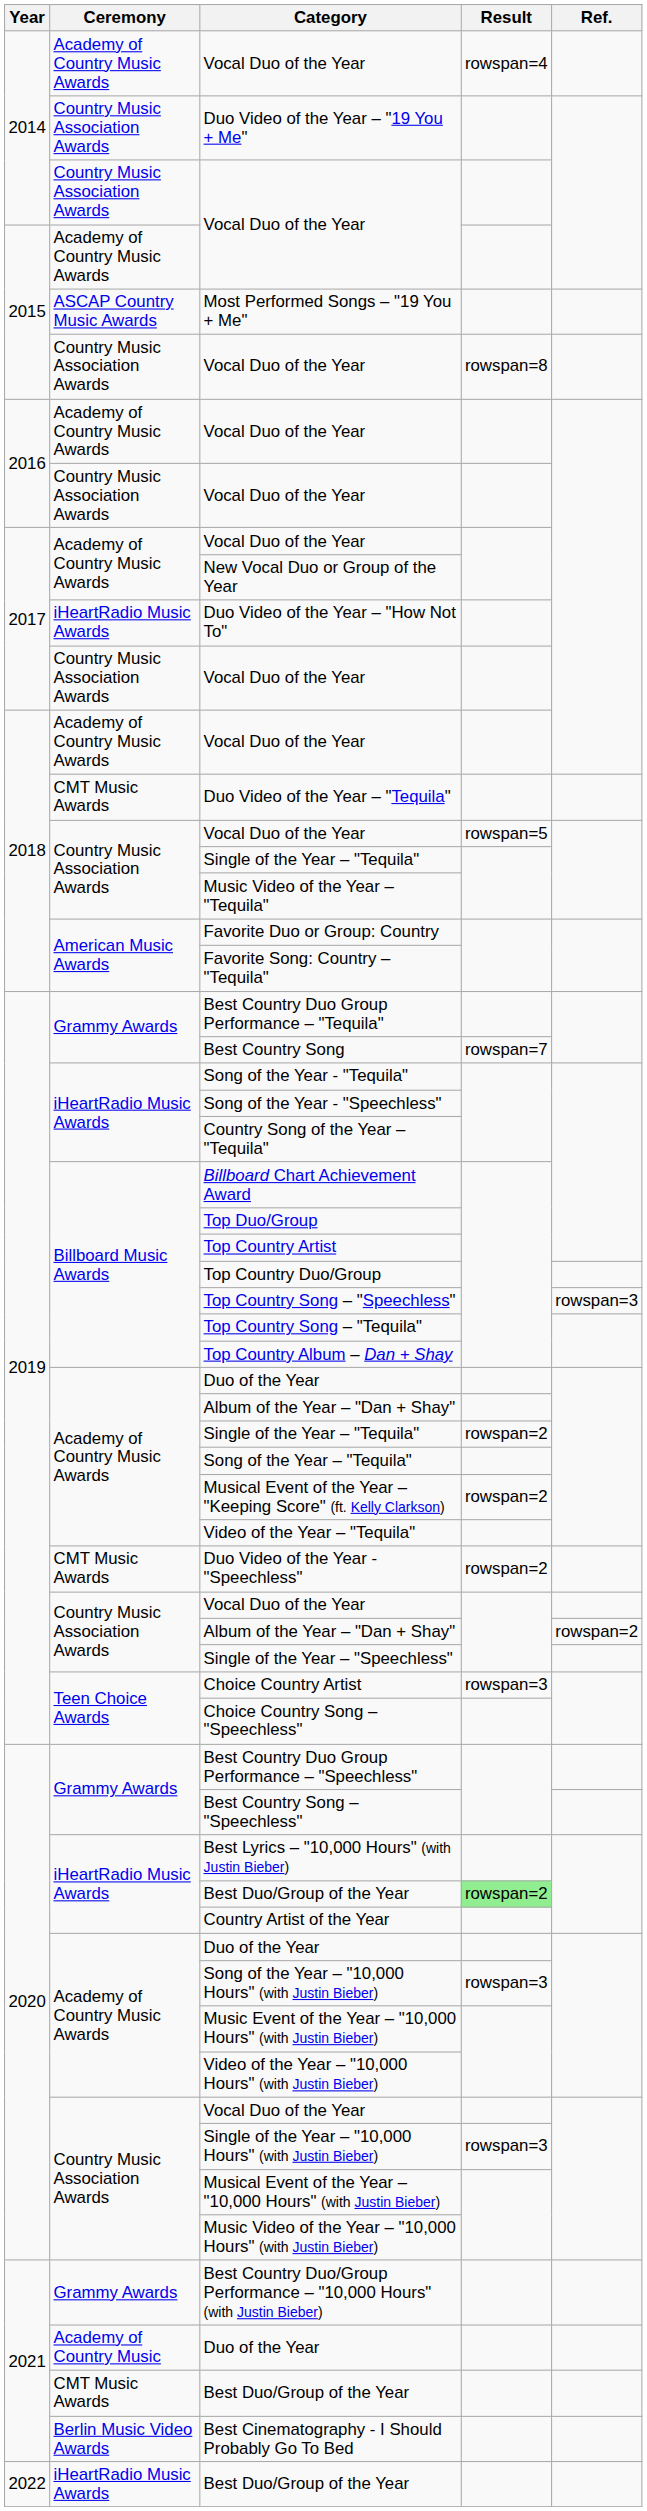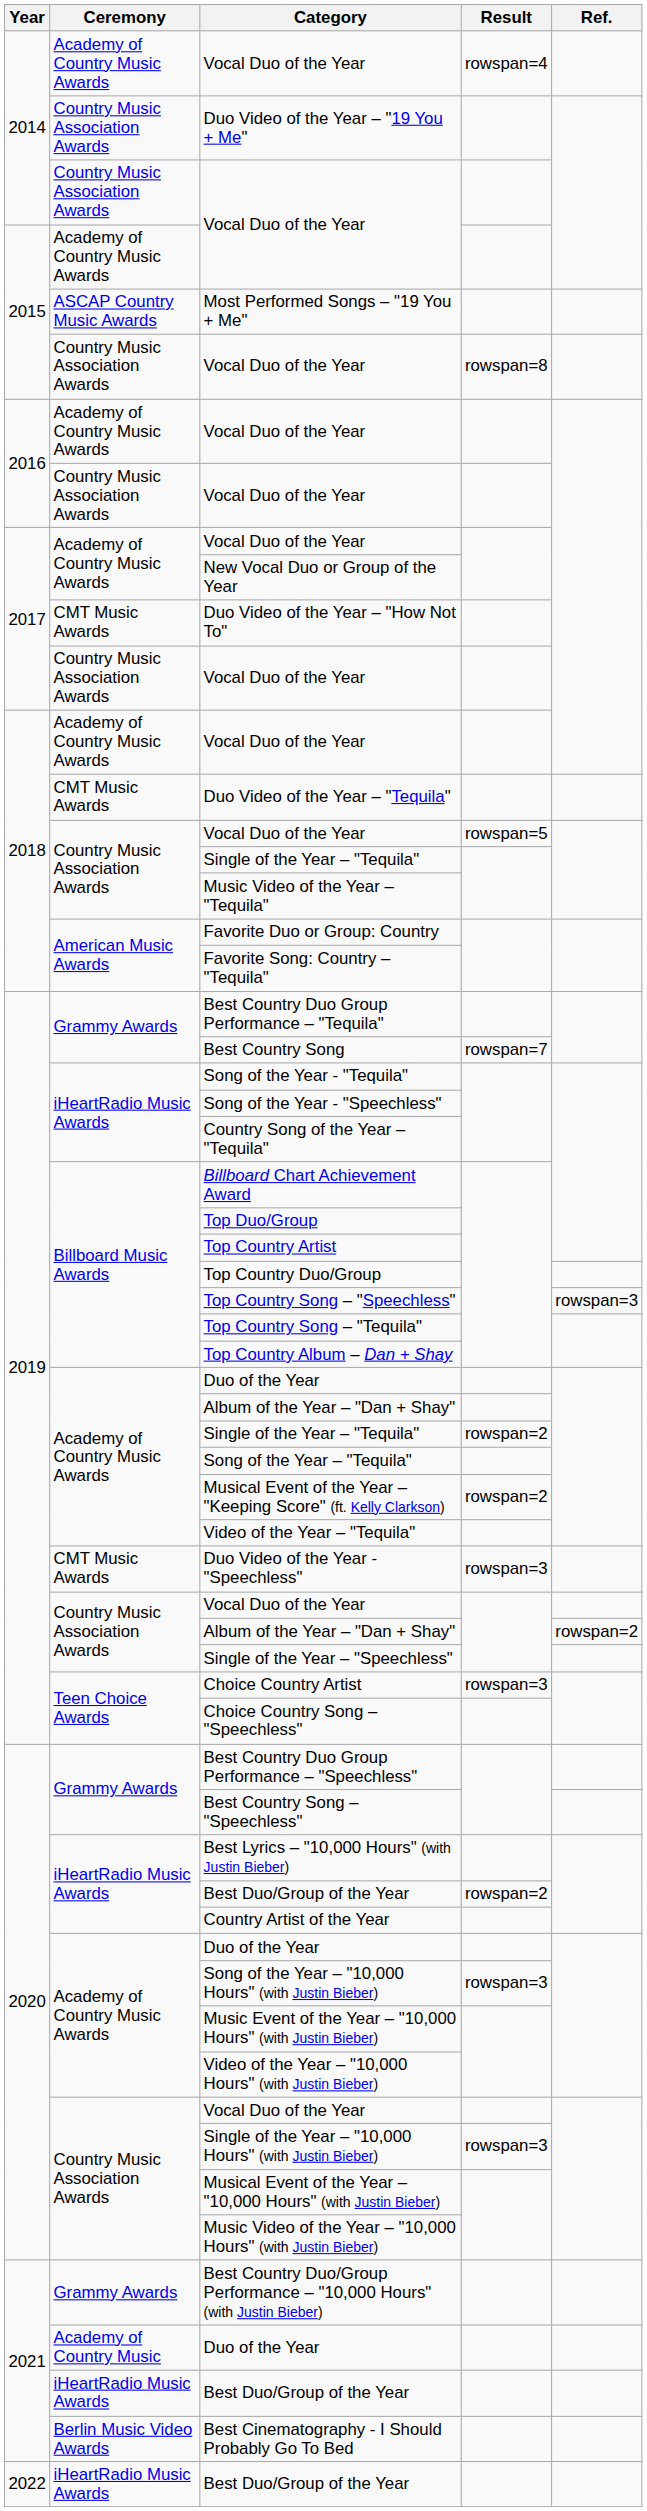 <table class="wikitable">
 <tr>
 <th>Year</th>
 <th>Ceremony</th>
 <th>Category</th>
 <th>Result</th>
 <th>Ref.</th>
 </tr>
 <tr>
 <td rowspan=3>2014</td>
 <td><a href='#'>Academy of Country Music Awards</a></td>
 <td>Vocal Duo of the Year</td>
 <td>rowspan=4 </td>
 <td></td>
 </tr>
 <tr>
 <td><a href='#'>Country Music Association Awards</a></td>
 <td>Duo Video of the Year – "<a href='#'>19 You + Me</a>"</td>
 <td></td>
 </tr>
 <tr>
 <td><a href='#'>Country Music Association Awards</a></td>
 <td rowspan=2>Vocal Duo of the Year</td>
 <td></td>
 </tr>
 <tr>
 <td rowspan=3>2015</td>
 <td>Academy of Country Music Awards</td>
 <td></td>
 </tr>
 <tr>
 <td><a href='#'>ASCAP Country Music Awards</a></td>
 <td>Most Performed Songs – "19 You + Me"</td>
 <td></td>
 <td></td>
 </tr>
 <tr>
 <td>Country Music Association Awards</td>
 <td>Vocal Duo of the Year</td>
 <td>rowspan=8 </td>
 <td></td>
 </tr>
 <tr>
 <td rowspan=2>2016</td>
 <td>Academy of Country Music Awards</td>
 <td>Vocal Duo of the Year</td>
 <td></td>
 </tr>
 <tr>
 <td>Country Music Association Awards</td>
 <td>Vocal Duo of the Year</td>
 <td></td>
 </tr>
 <tr>
 <td rowspan=4>2017</td>
 <td rowspan=2>Academy of Country Music Awards</td>
 <td>Vocal Duo of the Year</td>
 <td style="text-align:center;" rowspan="2"></td>
 </tr>
 <tr>
 <td>New Vocal Duo or Group of the Year</td>
 </tr>
 <tr>
-<td><a href='#'>iHeartRadio Music Awards</a></td>
+<td>CMT Music Awards</td>
 <td>Duo Video of the Year – "How Not To"</td>
 <td></td>
 </tr>
 <tr>
 <td>Country Music Association Awards</td>
 <td>Vocal Duo of the Year</td>
 <td></td>
 </tr>
 <tr>
 <td rowspan=7>2018</td>
 <td>Academy of Country Music Awards</td>
 <td>Vocal Duo of the Year</td>
 <td></td>
 </tr>
 <tr>
 <td>CMT Music Awards</td>
 <td>Duo Video of the Year – "<a href='#'>Tequila</a>"</td>
 <td></td>
 <td></td>
 </tr>
 <tr>
 <td rowspan=3>Country Music Association Awards</td>
 <td>Vocal Duo of the Year</td>
 <td>rowspan=5 </td>
 <td style="text-align:center;" rowspan="3"></td>
 </tr>
 <tr>
 <td>Single of the Year – "Tequila"</td>
 </tr>
 <tr>
 <td>Music Video of the Year – "Tequila"</td>
 </tr>
 <tr>
 <td rowspan=2><a href='#'>American Music Awards</a></td>
 <td>Favorite Duo or Group: Country</td>
 <td style="text-align:center;" rowspan="2"></td>
 </tr>
 <tr>
 <td>Favorite Song: Country – "Tequila"</td>
 </tr>
 <tr>
 <td rowspan=24>2019</td>
 <td rowspan=2><a href='#'>Grammy Awards</a></td>
 <td>Best Country Duo Group Performance –  "Tequila"</td>
 <td></td>
 <td style="text-align:center;" rowspan="2"></td>
 </tr>
 <tr>
 <td>Best Country Song</td>
 <td>rowspan=7 </td>
 </tr>
 <tr>
 <td rowspan=3><a href='#'>iHeartRadio Music Awards</a></td>
 <td>Song of the Year - "Tequila"</td>
 <td style="text-align:center;" rowspan="3"></td>
 </tr>
 <tr>
 <td>Song of the Year - "Speechless"</td>
 </tr>
 <tr>
 <td>Country Song of the Year –  "Tequila"</td>
 </tr>
 <tr>
 <td rowspan=7><a href='#'>Billboard Music Awards</a></td>
 <td><a href='#'><em>Billboard</em> Chart Achievement Award</a></td>
 <td style="text-align:center;" rowspan="7"></td>
 </tr>
 <tr>
 <td><a href='#'>Top Duo/Group</a></td>
 </tr>
 <tr>
 <td><a href='#'>Top Country Artist</a></td>
 </tr>
 <tr>
 <td>Top Country Duo/Group</td>
 <td></td>
 </tr>
 <tr>
 <td><a href='#'>Top Country Song</a> – "<a href='#'>Speechless</a>"</td>
 <td>rowspan=3 </td>
 </tr>
 <tr>
 <td><a href='#'>Top Country Song</a> –  "Tequila"</td>
 </tr>
 <tr>
 <td><a href='#'>Top Country Album</a> – <em><a href='#'>Dan + Shay</a></em></td>
 </tr>
 <tr>
 <td rowspan=6>Academy of Country Music Awards</td>
 <td>Duo of the Year</td>
 <td></td>
 <td style="text-align:center;" rowspan="6"></td>
 </tr>
 <tr>
 <td>Album of the Year – "Dan + Shay"</td>
 <td></td>
 </tr>
 <tr>
 <td>Single of the Year – "Tequila"</td>
 <td>rowspan=2 </td>
 </tr>
 <tr>
 <td>Song of the Year – "Tequila"</td>
 </tr>
 <tr>
 <td>Musical Event of the Year – "Keeping Score" <small>(ft. <a href='#'>Kelly Clarkson</a>)</small></td>
 <td>rowspan=2 </td>
 </tr>
 <tr>
 <td>Video of the Year – "Tequila"</td>
 </tr>
 <tr>
 <td>CMT Music Awards</td>
 <td>Duo Video of the Year - "Speechless"</td>
-<td>rowspan=2 </td>
+<td>rowspan=3 </td>
 <td></td>
 </tr>
 <tr>
 <td rowspan=3>Country Music Association Awards</td>
 <td>Vocal Duo of the Year</td>
 <td style="text-align:center;" rowspan="3"></td>
 </tr>
 <tr>
 <td>Album of the Year – "Dan + Shay"</td>
 <td>rowspan=2 </td>
 </tr>
 <tr>
 <td>Single of the Year – "Speechless"</td>
 </tr>
 <tr>
 <td rowspan=2><a href='#'>Teen Choice Awards</a></td>
 <td>Choice Country Artist</td>
 <td>rowspan=3 </td>
 <td style="text-align:center;" rowspan="2"></td>
 </tr>
 <tr>
 <td>Choice Country Song – "Speechless"</td>
 </tr>
 <tr>
 <td rowspan="13">2020</td>
 <td rowspan=2><a href='#'>Grammy Awards</a></td>
 <td>Best Country Duo Group Performance – "Speechless"</td>
 <td style="text-align:center;" rowspan="2"></td>
 </tr>
 <tr>
 <td>Best Country Song – "Speechless"</td>
 <td></td>
 </tr>
 <tr>
 <td rowspan=3><a href='#'>iHeartRadio Music Awards</a></td>
 <td>Best Lyrics –  "10,000 Hours" <small>(with <a href='#'>Justin Bieber</a>)</small></td>
 <td></td>
 <td style="text-align:center;" rowspan="3"></td>
 </tr>
 <tr>
 <td>Best Duo/Group of the Year</td>
-<td style="background: lightgreen;">rowspan=2 </td>
+<td>rowspan=2 </td>
 </tr>
 <tr>
 <td>Country Artist of the Year</td>
 </tr>
 <tr>
 <td rowspan=4>Academy of Country Music Awards</td>
 <td>Duo of the Year</td>
 <td></td>
 <td style="text-align:center;" rowspan="4"></td>
 </tr>
 <tr>
 <td>Song of the Year – "10,000 Hours" <small>(with <a href='#'>Justin Bieber</a>)</small></td>
 <td>rowspan=3 </td>
 </tr>
 <tr>
 <td>Music Event of the Year – "10,000 Hours" <small>(with <a href='#'>Justin Bieber</a>)</small></td>
 </tr>
 <tr>
 <td>Video of the Year – "10,000 Hours" <small>(with <a href='#'>Justin Bieber</a>)</small></td>
 </tr>
 <tr>
 <td rowspan=4>Country Music Association Awards</td>
 <td>Vocal Duo of the Year</td>
 <td></td>
 <td style="text-align:center;" rowspan="4"></td>
 </tr>
 <tr>
 <td>Single of the Year – "10,000 Hours" <small>(with <a href='#'>Justin Bieber</a>)</small></td>
 <td>rowspan=3 </td>
 </tr>
 <tr>
 <td>Musical Event of the Year – "10,000 Hours" <small>(with <a href='#'>Justin Bieber</a>)</small></td>
 </tr>
 <tr>
 <td>Music Video of the Year – "10,000 Hours" <small>(with <a href='#'>Justin Bieber</a>)</small></td>
 </tr>
 <tr>
 <td rowspan="4">2021</td>
 <td><a href='#'>Grammy Awards</a></td>
 <td>Best Country Duo/Group Performance – "10,000 Hours" <small>(with <a href='#'>Justin Bieber</a>)</small></td>
 <td></td>
 <td></td>
 </tr>
 <tr>
 <td><a href='#'>Academy of Country Music</a></td>
 <td>Duo of the Year</td>
 <td></td>
 <td></td>
 </tr>
 <tr>
-<td>CMT Music Awards</td>
+<td><a href='#'>iHeartRadio Music Awards</a></td>
 <td>Best Duo/Group of the Year</td>
 <td></td>
 <td></td>
 </tr>
 <tr>
 <td><a href='#'>Berlin Music Video Awards</a></td>
 <td>Best Cinematography - I Should Probably Go To Bed</td>
 <td></td>
 <td></td>
 </tr>
 <tr>
 <td>2022</td>
 <td><a href='#'>iHeartRadio Music Awards</a></td>
 <td>Best Duo/Group of the Year</td>
 <td></td>
 <td></td>
 </tr>
 </table>
